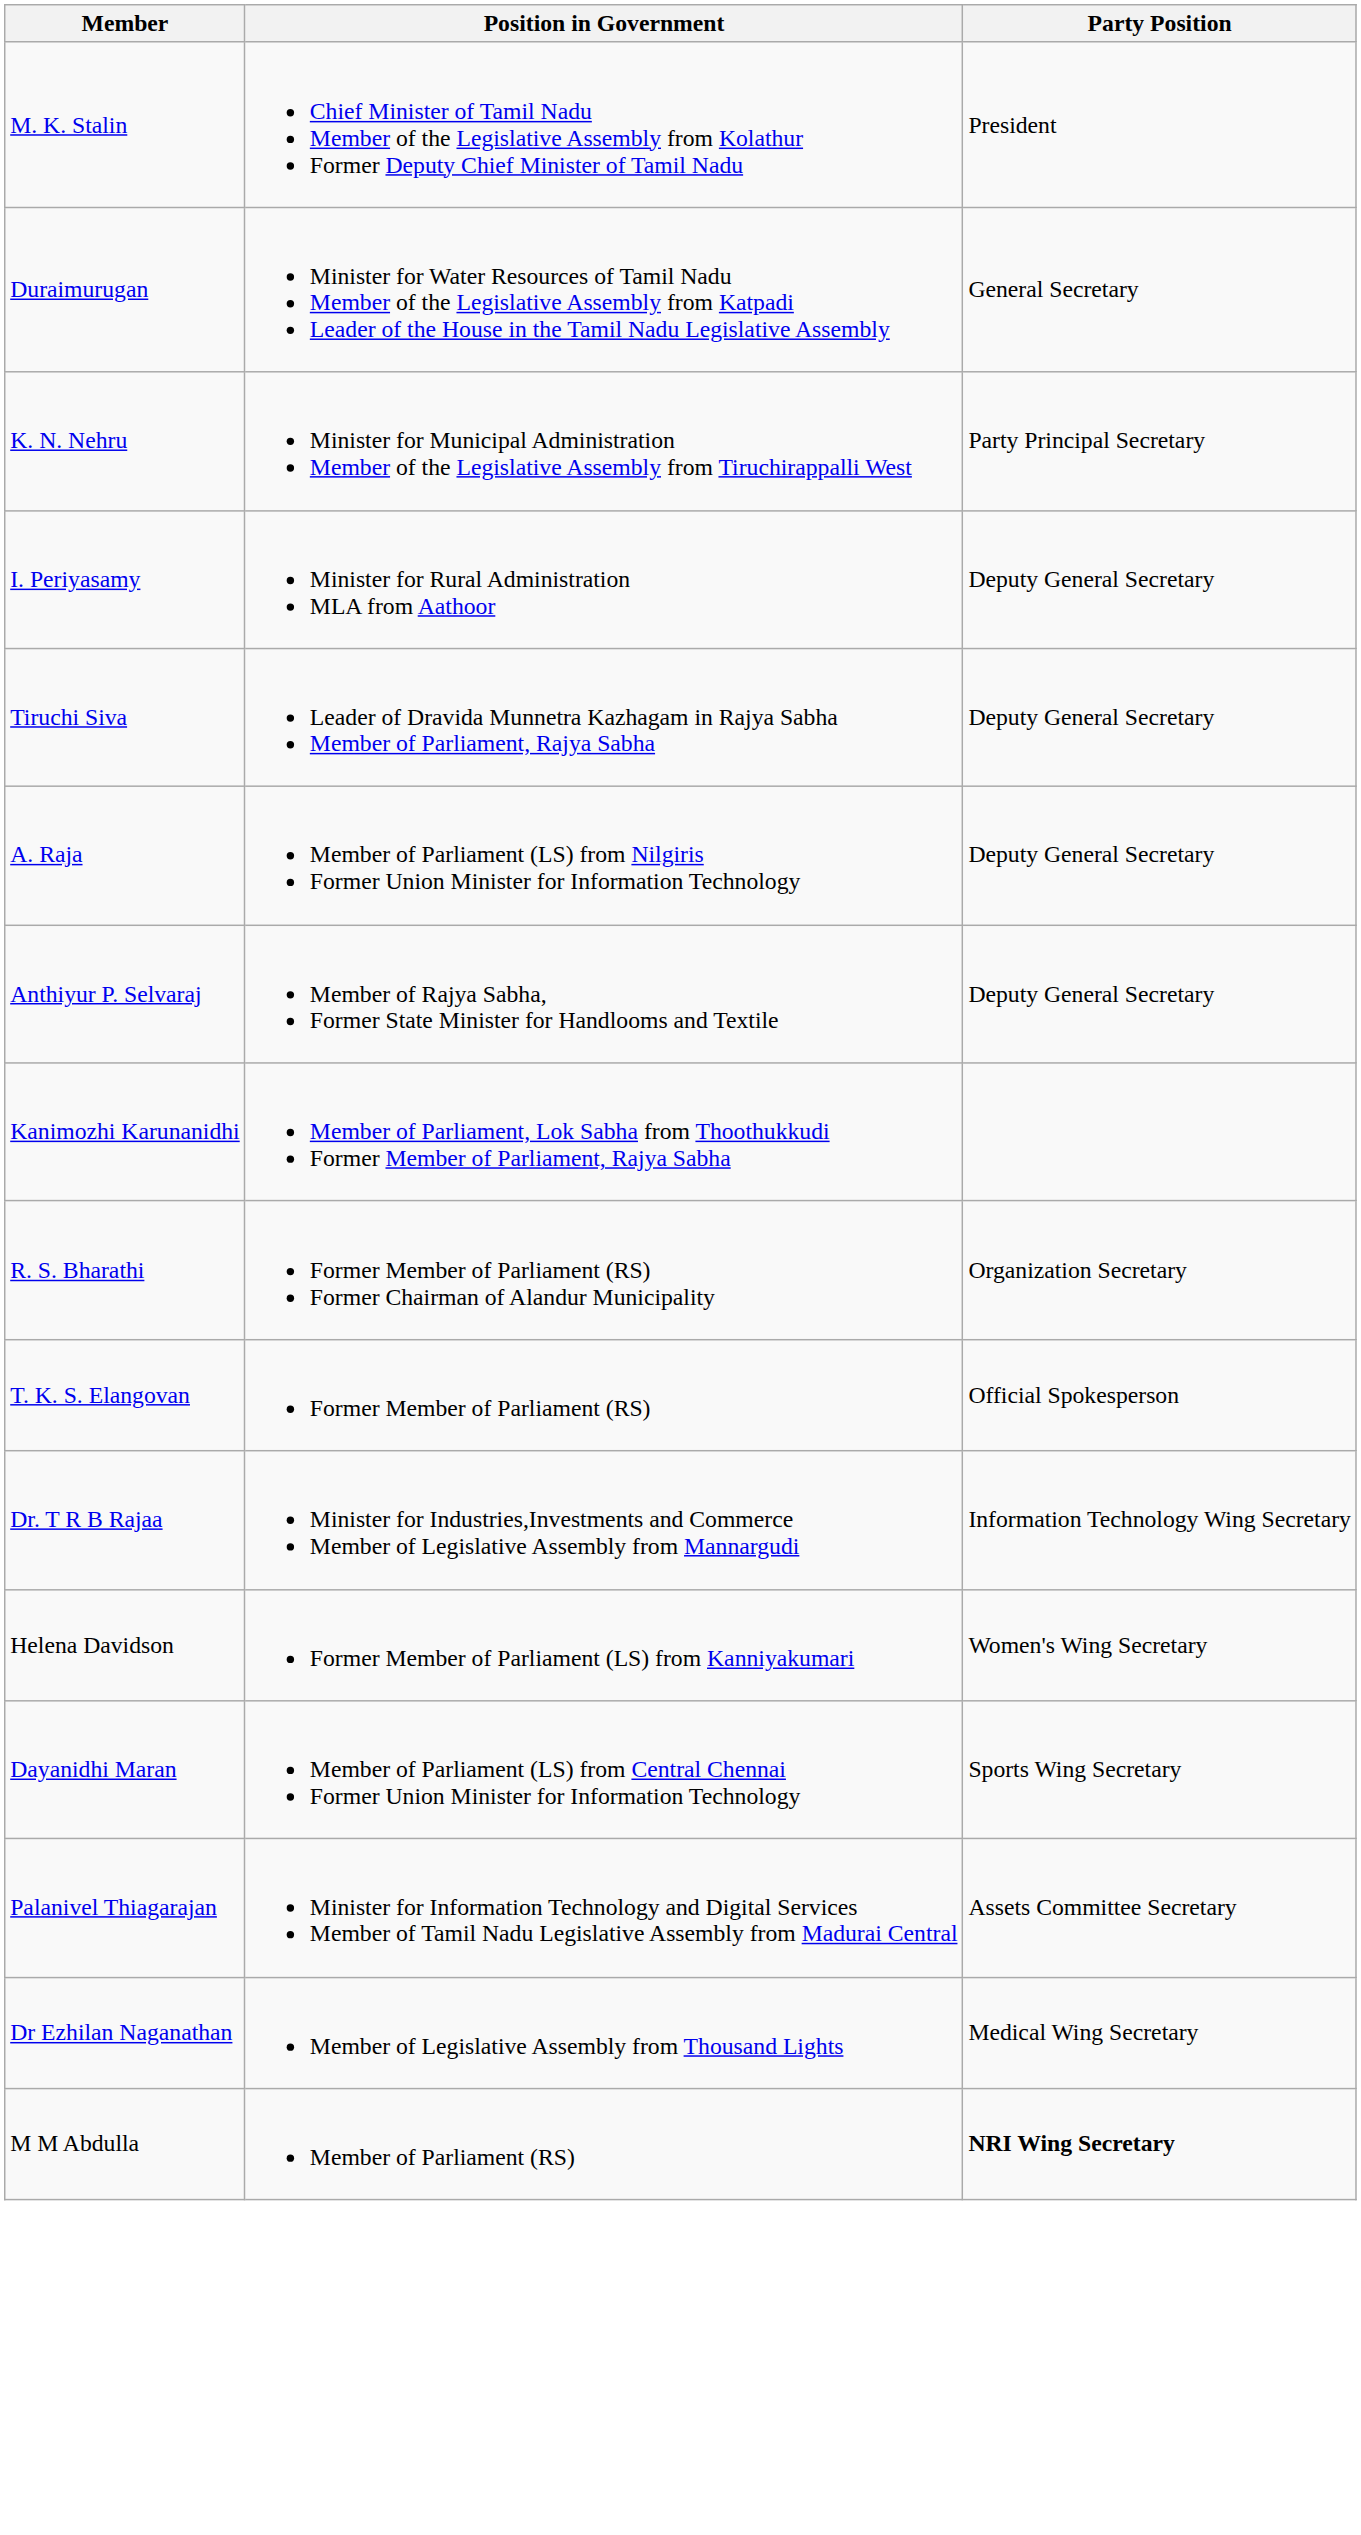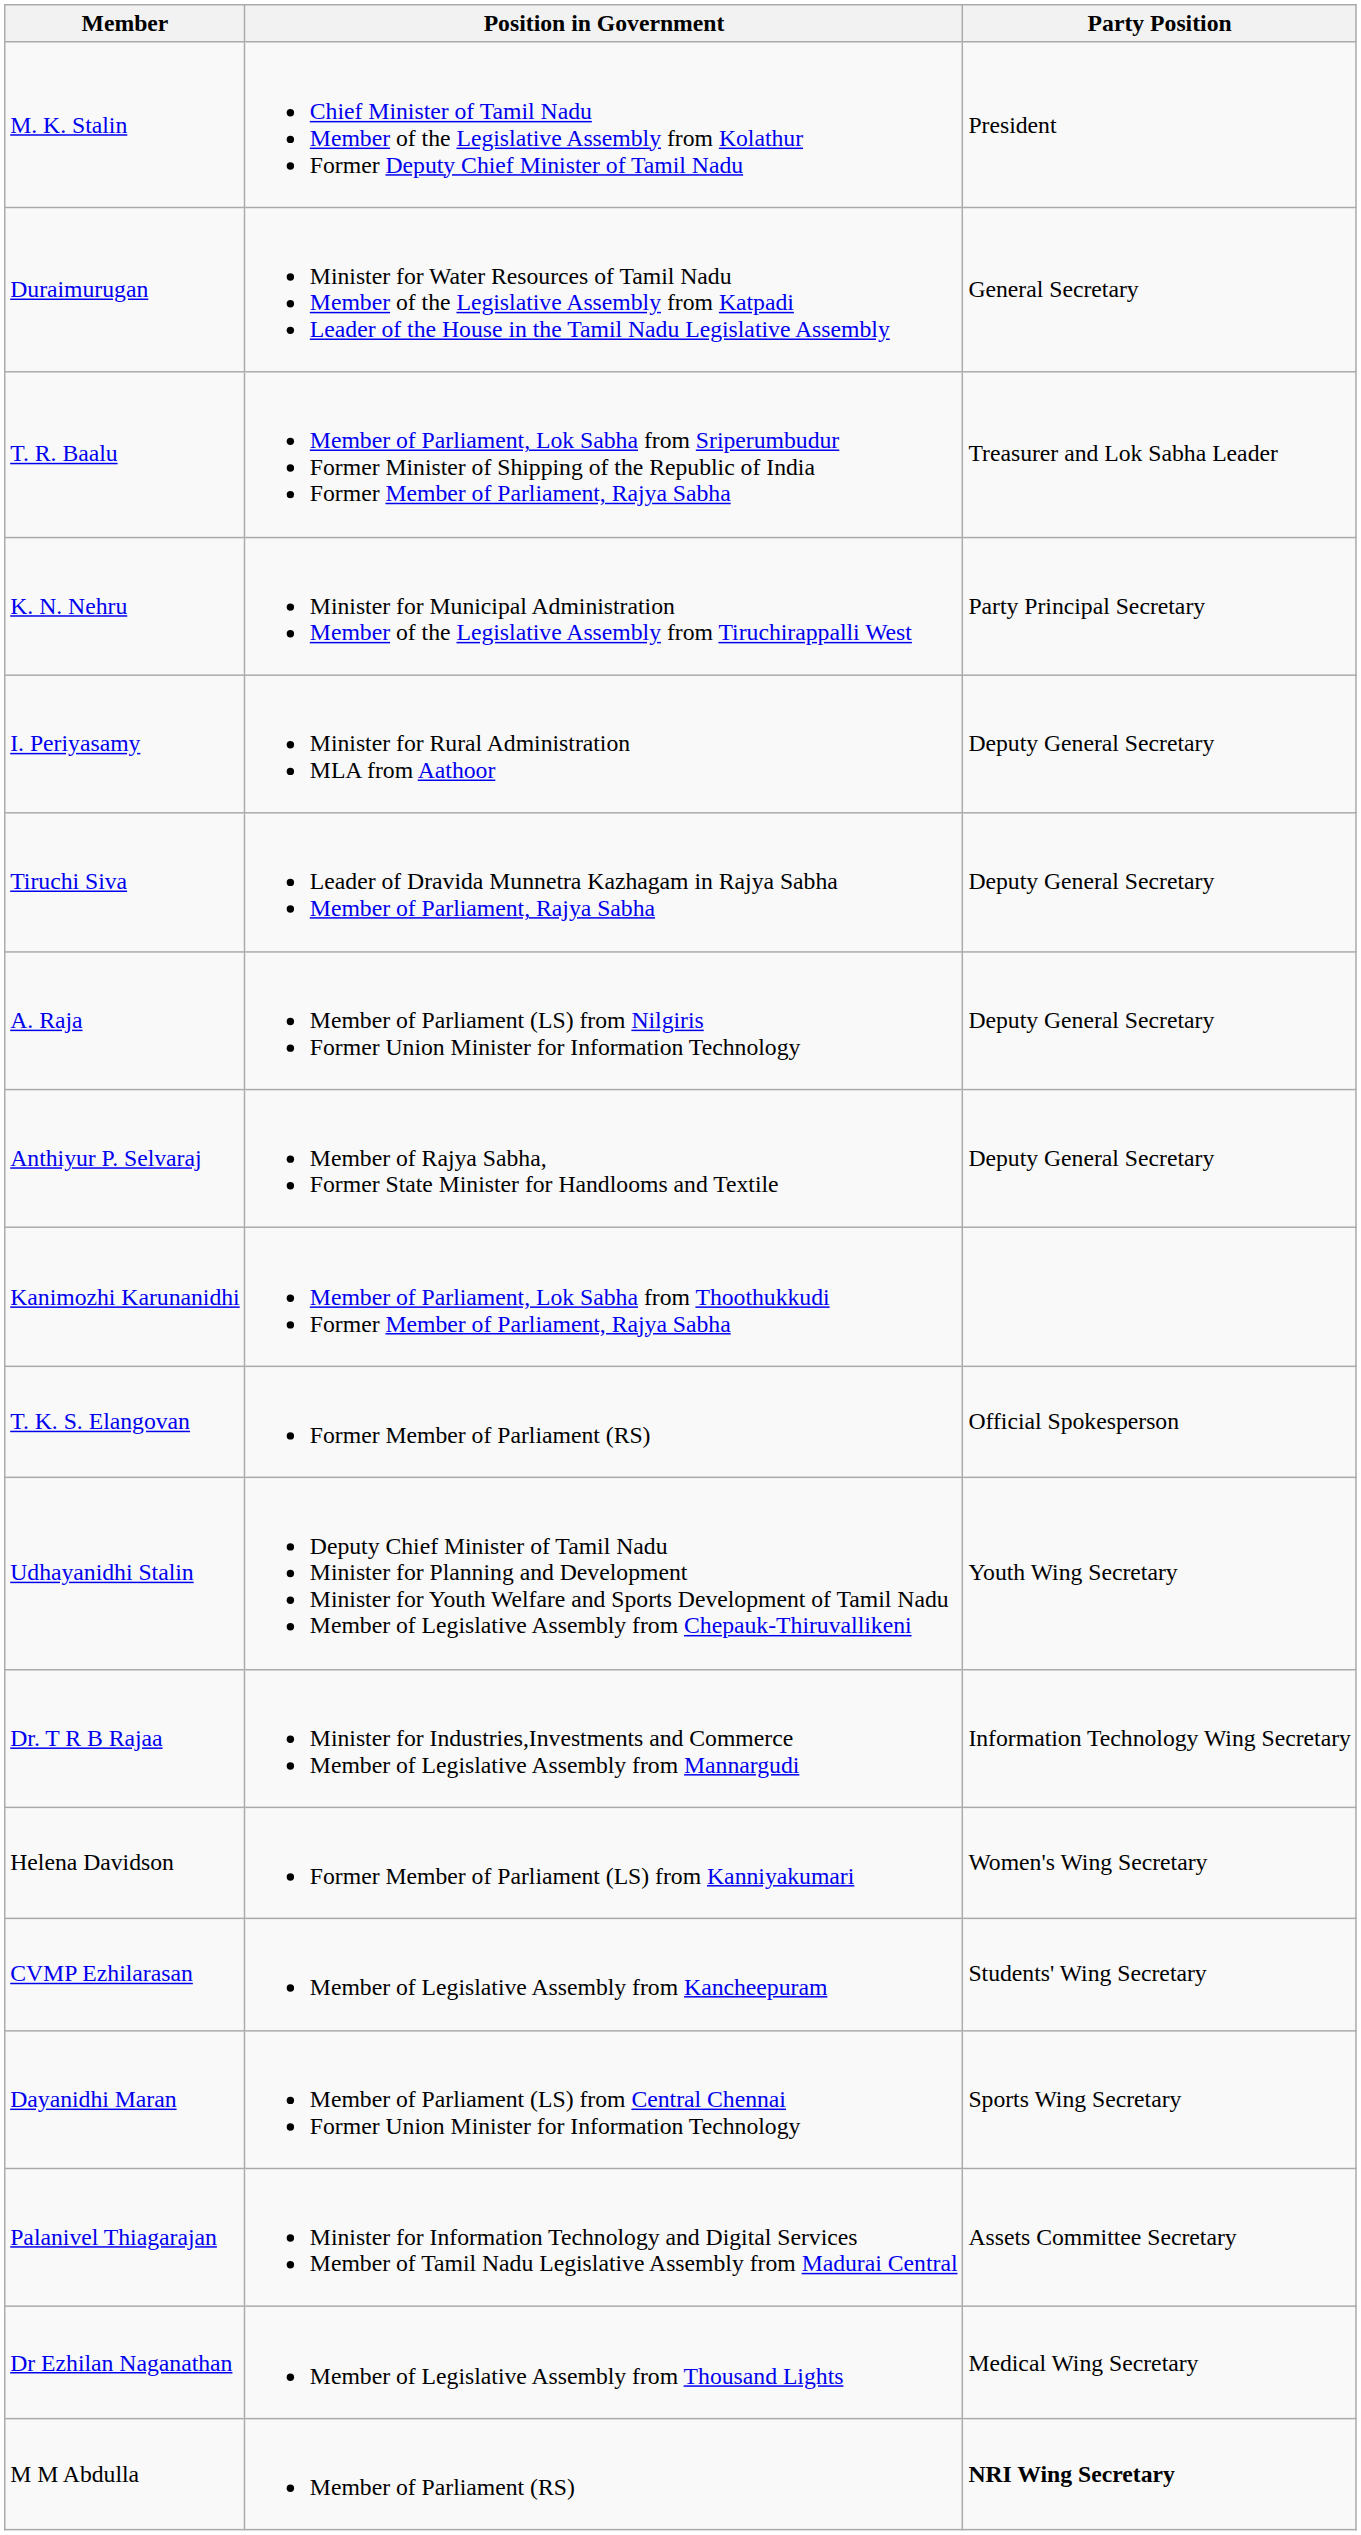 <table class="wikitable" style="text-align:left;">
 <tr>
 <th style="background-color:">Member</th>
 <th style="background-color:">Position in Government</th>
 <th style="background-color:">Party Position</th>
 </tr>
 <tr>
 <td><a href='#'>M. K. Stalin</a></td>
 <td><br><ul><li><a href='#'>Chief Minister of Tamil Nadu</a></li><li><a href='#'>Member</a> of the <a href='#'>Legislative Assembly</a> from  <a href='#'>Kolathur</a></li><li>Former <a href='#'>Deputy Chief Minister of Tamil Nadu</a></li></ul></td>
 <td>President</td>
 </tr>
 <tr>
 <td><a href='#'>Duraimurugan</a></td>
 <td><br><ul><li>Minister for Water Resources of Tamil Nadu</li><li><a href='#'>Member</a> of the <a href='#'>Legislative Assembly</a> from  <a href='#'>Katpadi</a></li><li><a href='#'>Leader of the House in the Tamil Nadu Legislative Assembly</a></li></ul></td>
 <td>General Secretary</td>
+</tr>
+<tr>
+<td><a href='#'>T. R. Baalu</a></td>
+<td><br><ul><li><a href='#'>Member of Parliament, Lok Sabha</a> from <a href='#'>Sriperumbudur</a></li><li>Former Minister of Shipping of the Republic of India</li><li>Former <a href='#'>Member of Parliament, Rajya Sabha</a></li></ul></td>
+<td>Treasurer and Lok Sabha Leader</td>
 </tr>
 <tr>
 <td><a href='#'>K. N. Nehru</a></td>
 <td><br><ul><li>Minister for Municipal Administration</li><li><a href='#'>Member</a> of the <a href='#'>Legislative Assembly</a> from <a href='#'>Tiruchirappalli West</a></li></ul></td>
 <td>Party Principal Secretary</td>
 </tr>
 <tr>
 <td><a href='#'>I. Periyasamy</a></td>
 <td><br><ul><li>Minister for Rural Administration</li><li>MLA from <a href='#'>Aathoor</a></li></ul></td>
 <td>Deputy General Secretary</td>
 </tr>
 <tr style="text-align:left;">
 <td><a href='#'>Tiruchi Siva</a></td>
 <td><br><ul><li>Leader of Dravida Munnetra Kazhagam in Rajya Sabha</li><li><a href='#'>Member of Parliament, Rajya Sabha</a></li></ul></td>
 <td>Deputy General Secretary</td>
 </tr>
 <tr style="text-align:left;">
 <td><a href='#'>A. Raja</a></td>
 <td><br><ul><li>Member of Parliament (LS) from <a href='#'>Nilgiris</a></li><li>Former Union Minister for Information Technology</li></ul></td>
 <td>Deputy General Secretary</td>
 </tr>
 <tr style="text-align:left;">
 <td><a href='#'>Anthiyur P. Selvaraj</a></td>
 <td><br><ul><li>Member of Rajya Sabha,</li><li>Former State Minister for Handlooms and Textile</li></ul></td>
 <td>Deputy General Secretary</td>
 </tr>
 <tr style="text-align:left;">
 <td><a href='#'>Kanimozhi Karunanidhi</a></td>
 <td><br><ul><li><a href='#'>Member of Parliament, Lok Sabha</a> from <a href='#'>Thoothukkudi</a></li><li>Former <a href='#'>Member of Parliament, Rajya Sabha</a></li></ul></td>
 <td></td>
 </tr>
 <tr style="text-align:left;">
-<td><a href='#'>R. S. Bharathi</a></td>
-<td><br><ul><li>Former Member of Parliament (RS)</li><li>Former Chairman of Alandur Municipality</li></ul></td>
-<td>Organization Secretary</td>
-</tr>
-<tr style="text-align:left;">
 <td><a href='#'>T. K. S. Elangovan</a></td>
 <td><br><ul><li>Former Member of Parliament (RS)</li></ul></td>
 <td>Official Spokesperson</td>
+</tr>
+<tr style="text-align:left;">
+<td><a href='#'>Udhayanidhi Stalin</a></td>
+<td><br><ul><li>Deputy Chief Minister of Tamil Nadu</li><li>Minister for Planning and Development</li><li>Minister for Youth Welfare and Sports Development of Tamil Nadu</li><li>Member of Legislative Assembly from <a href='#'>Chepauk-Thiruvallikeni</a></li></ul></td>
+<td>Youth Wing Secretary</td>
 </tr>
 <tr style="text-align:left;">
 <td><a href='#'>Dr. T R B Rajaa</a></td>
 <td><br><ul><li>Minister for Industries,Investments and Commerce</li><li>Member of Legislative Assembly from <a href='#'>Mannargudi</a></li></ul></td>
 <td>Information Technology Wing Secretary</td>
 </tr>
 <tr style="text-align:left;">
 <td>Helena Davidson</td>
 <td><br><ul><li>Former Member of Parliament (LS) from <a href='#'>Kanniyakumari</a></li></ul></td>
 <td>Women's Wing Secretary</td>
+</tr>
+<tr style="text-align:left;">
+<td><a href='#'>CVMP Ezhilarasan</a></td>
+<td><br><ul><li>Member of Legislative Assembly from <a href='#'>Kancheepuram</a></li></ul></td>
+<td>Students' Wing Secretary</td>
 </tr>
 <tr style="text-align:left;">
 <td><a href='#'>Dayanidhi Maran</a></td>
 <td><br><ul><li>Member of Parliament (LS) from <a href='#'>Central Chennai</a></li><li>Former Union Minister for Information Technology</li></ul></td>
 <td>Sports Wing Secretary</td>
 </tr>
 <tr>
 <td><a href='#'>Palanivel Thiagarajan</a></td>
 <td><br><ul><li>Minister for Information Technology and Digital Services</li><li>Member of Tamil Nadu Legislative Assembly from <a href='#'>Madurai Central</a></li></ul></td>
 <td>Assets Committee Secretary</td>
 </tr>
 <tr style="text-align:left;">
 <td><a href='#'>Dr Ezhilan Naganathan</a></td>
 <td><br><ul><li>Member of Legislative Assembly from <a href='#'>Thousand Lights</a></li></ul></td>
 <td>Medical Wing Secretary</td>
 </tr>
 <tr style="text-align:left;">
 <td>M M Abdulla</td>
 <td><br><ul><li>Member of Parliament (RS)</li></ul></td>
 <td><strong>NRI Wing Secretary</strong></td>
 </tr>
 </table>
